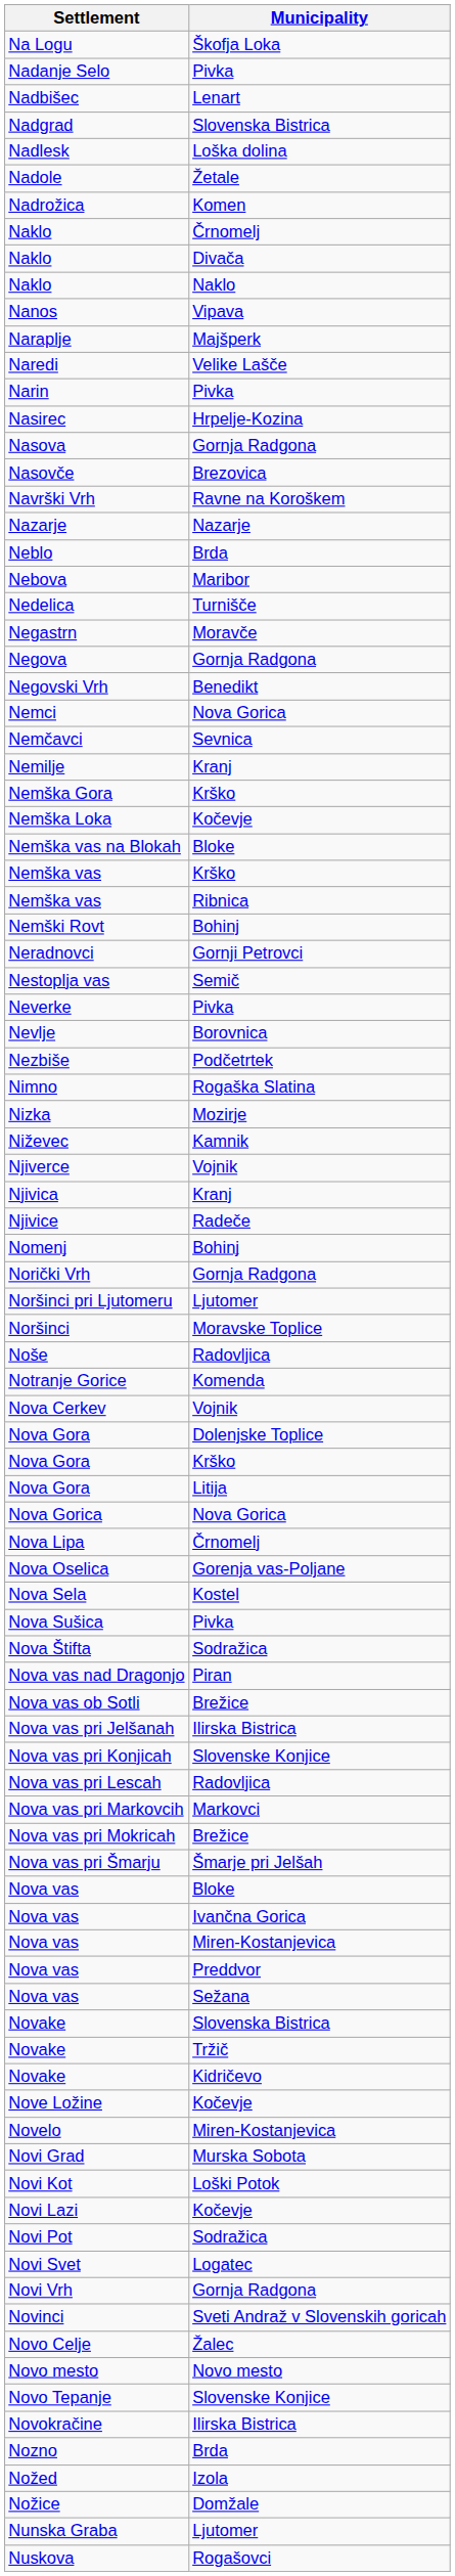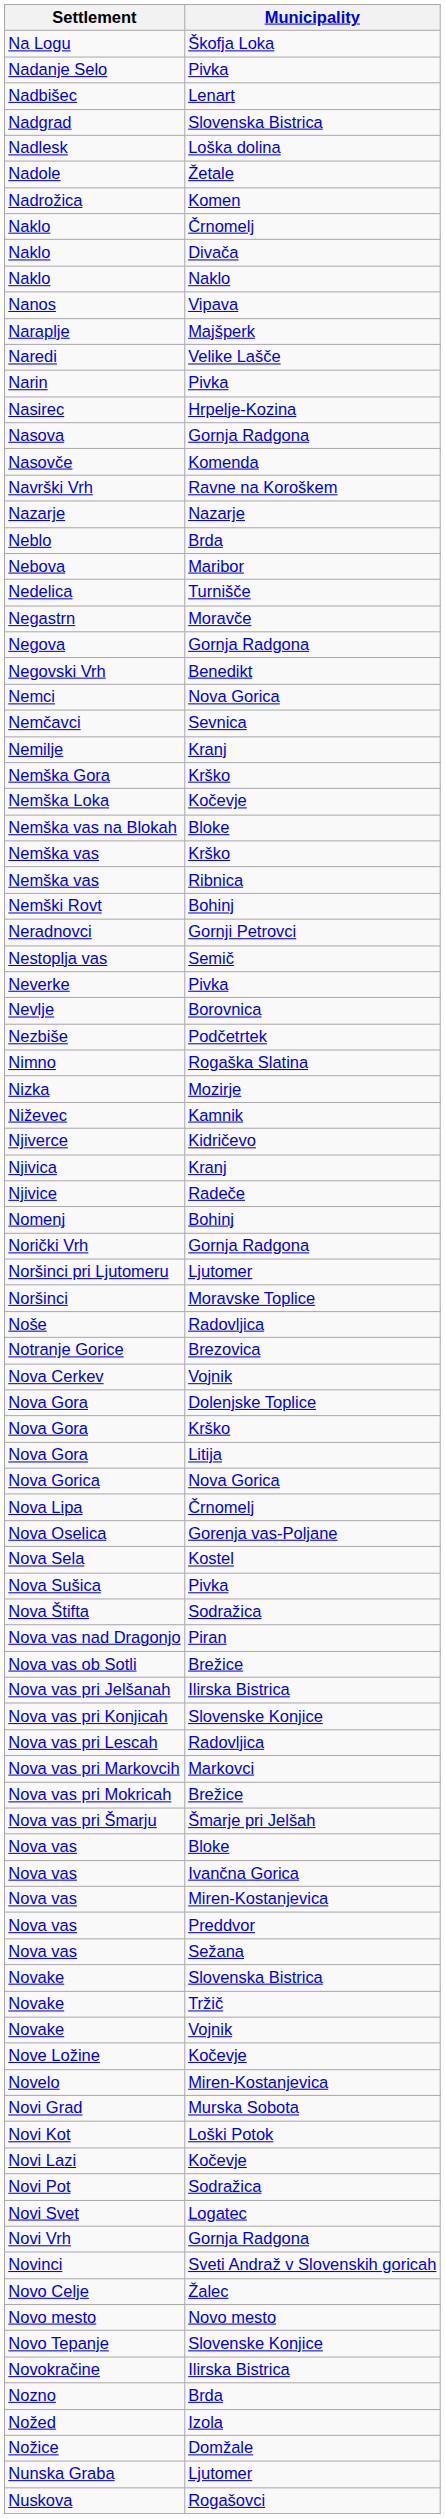 <table class="wikitable sortable">
 <tr>
 <th>Settlement</th>
 <th><a href='#'>Municipality</a></th>
 </tr>
 <tr>
 <td><a href='#'>Na Logu</a></td>
 <td><a href='#'>Škofja Loka</a></td>
 </tr>
 <tr>
 <td><a href='#'>Nadanje Selo</a></td>
 <td><a href='#'>Pivka</a></td>
 </tr>
 <tr>
 <td><a href='#'>Nadbišec</a></td>
 <td><a href='#'>Lenart</a></td>
 </tr>
 <tr>
 <td><a href='#'>Nadgrad</a></td>
 <td><a href='#'>Slovenska Bistrica</a></td>
 </tr>
 <tr>
 <td><a href='#'>Nadlesk</a></td>
 <td><a href='#'>Loška dolina</a></td>
 </tr>
 <tr>
 <td><a href='#'>Nadole</a></td>
 <td><a href='#'>Žetale</a></td>
 </tr>
 <tr>
 <td><a href='#'>Nadrožica</a></td>
 <td><a href='#'>Komen</a></td>
 </tr>
 <tr>
 <td><a href='#'>Naklo</a></td>
 <td><a href='#'>Črnomelj</a></td>
 </tr>
 <tr>
 <td><a href='#'>Naklo</a></td>
 <td><a href='#'>Divača</a></td>
 </tr>
 <tr>
 <td><a href='#'>Naklo</a></td>
 <td><a href='#'>Naklo</a></td>
 </tr>
 <tr>
 <td><a href='#'>Nanos</a></td>
 <td><a href='#'>Vipava</a></td>
 </tr>
 <tr>
 <td><a href='#'>Naraplje</a></td>
 <td><a href='#'>Majšperk</a></td>
 </tr>
 <tr>
 <td><a href='#'>Naredi</a></td>
 <td><a href='#'>Velike Lašče</a></td>
 </tr>
 <tr>
 <td><a href='#'>Narin</a></td>
 <td><a href='#'>Pivka</a></td>
 </tr>
 <tr>
 <td><a href='#'>Nasirec</a></td>
 <td><a href='#'>Hrpelje-Kozina</a></td>
 </tr>
 <tr>
 <td><a href='#'>Nasova</a></td>
 <td><a href='#'>Gornja Radgona</a></td>
 </tr>
 <tr>
 <td><a href='#'>Nasovče</a></td>
-<td><a href='#'>Brezovica</a></td>
+<td><a href='#'>Komenda</a></td>
 </tr>
 <tr>
 <td><a href='#'>Navrški Vrh</a></td>
 <td><a href='#'>Ravne na Koroškem</a></td>
 </tr>
 <tr>
 <td><a href='#'>Nazarje</a></td>
 <td><a href='#'>Nazarje</a></td>
 </tr>
 <tr>
 <td><a href='#'>Neblo</a></td>
 <td><a href='#'>Brda</a></td>
 </tr>
 <tr>
 <td><a href='#'>Nebova</a></td>
 <td><a href='#'>Maribor</a></td>
 </tr>
 <tr>
 <td><a href='#'>Nedelica</a></td>
 <td><a href='#'>Turnišče</a></td>
 </tr>
 <tr>
 <td><a href='#'>Negastrn</a></td>
 <td><a href='#'>Moravče</a></td>
 </tr>
 <tr>
 <td><a href='#'>Negova</a></td>
 <td><a href='#'>Gornja Radgona</a></td>
 </tr>
 <tr>
 <td><a href='#'>Negovski Vrh</a></td>
 <td><a href='#'>Benedikt</a></td>
 </tr>
 <tr>
 <td><a href='#'>Nemci</a></td>
 <td><a href='#'>Nova Gorica</a></td>
 </tr>
 <tr>
 <td><a href='#'>Nemčavci</a></td>
 <td><a href='#'>Sevnica</a></td>
 </tr>
 <tr>
 <td><a href='#'>Nemilje</a></td>
 <td><a href='#'>Kranj</a></td>
 </tr>
 <tr>
 <td><a href='#'>Nemška Gora</a></td>
 <td><a href='#'>Krško</a></td>
 </tr>
 <tr>
 <td><a href='#'>Nemška Loka</a></td>
 <td><a href='#'>Kočevje</a></td>
 </tr>
 <tr>
 <td><a href='#'>Nemška vas na Blokah</a></td>
 <td><a href='#'>Bloke</a></td>
 </tr>
 <tr>
 <td><a href='#'>Nemška vas</a></td>
 <td><a href='#'>Krško</a></td>
 </tr>
 <tr>
 <td><a href='#'>Nemška vas</a></td>
 <td><a href='#'>Ribnica</a></td>
 </tr>
 <tr>
 <td><a href='#'>Nemški Rovt</a></td>
 <td><a href='#'>Bohinj</a></td>
 </tr>
 <tr>
 <td><a href='#'>Neradnovci</a></td>
 <td><a href='#'>Gornji Petrovci</a></td>
 </tr>
 <tr>
 <td><a href='#'>Nestoplja vas</a></td>
 <td><a href='#'>Semič</a></td>
 </tr>
 <tr>
 <td><a href='#'>Neverke</a></td>
 <td><a href='#'>Pivka</a></td>
 </tr>
 <tr>
 <td><a href='#'>Nevlje</a></td>
 <td><a href='#'>Borovnica</a></td>
 </tr>
 <tr>
 <td><a href='#'>Nezbiše</a></td>
 <td><a href='#'>Podčetrtek</a></td>
 </tr>
 <tr>
 <td><a href='#'>Nimno</a></td>
 <td><a href='#'>Rogaška Slatina</a></td>
 </tr>
 <tr>
 <td><a href='#'>Nizka</a></td>
 <td><a href='#'>Mozirje</a></td>
 </tr>
 <tr>
 <td><a href='#'>Niževec</a></td>
 <td><a href='#'>Kamnik</a></td>
 </tr>
 <tr>
 <td><a href='#'>Njiverce</a></td>
-<td><a href='#'>Vojnik</a></td>
+<td><a href='#'>Kidričevo</a></td>
 </tr>
 <tr>
 <td><a href='#'>Njivica</a></td>
 <td><a href='#'>Kranj</a></td>
 </tr>
 <tr>
 <td><a href='#'>Njivice</a></td>
 <td><a href='#'>Radeče</a></td>
 </tr>
 <tr>
 <td><a href='#'>Nomenj</a></td>
 <td><a href='#'>Bohinj</a></td>
 </tr>
 <tr>
 <td><a href='#'>Norički Vrh</a></td>
 <td><a href='#'>Gornja Radgona</a></td>
 </tr>
 <tr>
 <td><a href='#'>Noršinci pri Ljutomeru</a></td>
 <td><a href='#'>Ljutomer</a></td>
 </tr>
 <tr>
 <td><a href='#'>Noršinci</a></td>
 <td><a href='#'>Moravske Toplice</a></td>
 </tr>
 <tr>
 <td><a href='#'>Noše</a></td>
 <td><a href='#'>Radovljica</a></td>
 </tr>
 <tr>
 <td><a href='#'>Notranje Gorice</a></td>
-<td><a href='#'>Komenda</a></td>
+<td><a href='#'>Brezovica</a></td>
 </tr>
 <tr>
 <td><a href='#'>Nova Cerkev</a></td>
 <td><a href='#'>Vojnik</a></td>
 </tr>
 <tr>
 <td><a href='#'>Nova Gora</a></td>
 <td><a href='#'>Dolenjske Toplice</a></td>
 </tr>
 <tr>
 <td><a href='#'>Nova Gora</a></td>
 <td><a href='#'>Krško</a></td>
 </tr>
 <tr>
 <td><a href='#'>Nova Gora</a></td>
 <td><a href='#'>Litija</a></td>
 </tr>
 <tr>
 <td><a href='#'>Nova Gorica</a></td>
 <td><a href='#'>Nova Gorica</a></td>
 </tr>
 <tr>
 <td><a href='#'>Nova Lipa</a></td>
 <td><a href='#'>Črnomelj</a></td>
 </tr>
 <tr>
 <td><a href='#'>Nova Oselica</a></td>
 <td><a href='#'>Gorenja vas-Poljane</a></td>
 </tr>
 <tr>
 <td><a href='#'>Nova Sela</a></td>
 <td><a href='#'>Kostel</a></td>
 </tr>
 <tr>
 <td><a href='#'>Nova Sušica</a></td>
 <td><a href='#'>Pivka</a></td>
 </tr>
 <tr>
 <td><a href='#'>Nova Štifta</a></td>
 <td><a href='#'>Sodražica</a></td>
 </tr>
 <tr>
 <td><a href='#'>Nova vas nad Dragonjo</a></td>
 <td><a href='#'>Piran</a></td>
 </tr>
 <tr>
 <td><a href='#'>Nova vas ob Sotli</a></td>
 <td><a href='#'>Brežice</a></td>
 </tr>
 <tr>
 <td><a href='#'>Nova vas pri Jelšanah</a></td>
 <td><a href='#'>Ilirska Bistrica</a></td>
 </tr>
 <tr>
 <td><a href='#'>Nova vas pri Konjicah</a></td>
 <td><a href='#'>Slovenske Konjice</a></td>
 </tr>
 <tr>
 <td><a href='#'>Nova vas pri Lescah</a></td>
 <td><a href='#'>Radovljica</a></td>
 </tr>
 <tr>
 <td><a href='#'>Nova vas pri Markovcih</a></td>
 <td><a href='#'>Markovci</a></td>
 </tr>
 <tr>
 <td><a href='#'>Nova vas pri Mokricah</a></td>
 <td><a href='#'>Brežice</a></td>
 </tr>
 <tr>
 <td><a href='#'>Nova vas pri Šmarju</a></td>
 <td><a href='#'>Šmarje pri Jelšah</a></td>
 </tr>
 <tr>
 <td><a href='#'>Nova vas</a></td>
 <td><a href='#'>Bloke</a></td>
 </tr>
 <tr>
 <td><a href='#'>Nova vas</a></td>
 <td><a href='#'>Ivančna Gorica</a></td>
 </tr>
 <tr>
 <td><a href='#'>Nova vas</a></td>
 <td><a href='#'>Miren-Kostanjevica</a></td>
 </tr>
 <tr>
 <td><a href='#'>Nova vas</a></td>
 <td><a href='#'>Preddvor</a></td>
 </tr>
 <tr>
 <td><a href='#'>Nova vas</a></td>
 <td><a href='#'>Sežana</a></td>
 </tr>
 <tr>
 <td><a href='#'>Novake</a></td>
 <td><a href='#'>Slovenska Bistrica</a></td>
 </tr>
 <tr>
 <td><a href='#'>Novake</a></td>
 <td><a href='#'>Tržič</a></td>
 </tr>
 <tr>
 <td><a href='#'>Novake</a></td>
-<td><a href='#'>Kidričevo</a></td>
+<td><a href='#'>Vojnik</a></td>
 </tr>
 <tr>
 <td><a href='#'>Nove Ložine</a></td>
 <td><a href='#'>Kočevje</a></td>
 </tr>
 <tr>
 <td><a href='#'>Novelo</a></td>
 <td><a href='#'>Miren-Kostanjevica</a></td>
 </tr>
 <tr>
 <td><a href='#'>Novi Grad</a></td>
 <td><a href='#'>Murska Sobota</a></td>
 </tr>
 <tr>
 <td><a href='#'>Novi Kot</a></td>
 <td><a href='#'>Loški Potok</a></td>
 </tr>
 <tr>
 <td><a href='#'>Novi Lazi</a></td>
 <td><a href='#'>Kočevje</a></td>
 </tr>
 <tr>
 <td><a href='#'>Novi Pot</a></td>
 <td><a href='#'>Sodražica</a></td>
 </tr>
 <tr>
 <td><a href='#'>Novi Svet</a></td>
 <td><a href='#'>Logatec</a></td>
 </tr>
 <tr>
 <td><a href='#'>Novi Vrh</a></td>
 <td><a href='#'>Gornja Radgona</a></td>
 </tr>
 <tr>
 <td><a href='#'>Novinci</a></td>
 <td><a href='#'>Sveti Andraž v Slovenskih goricah</a></td>
 </tr>
 <tr>
 <td><a href='#'>Novo Celje</a></td>
 <td><a href='#'>Žalec</a></td>
 </tr>
 <tr>
 <td><a href='#'>Novo mesto</a></td>
 <td><a href='#'>Novo mesto</a></td>
 </tr>
 <tr>
 <td><a href='#'>Novo Tepanje</a></td>
 <td><a href='#'>Slovenske Konjice</a></td>
 </tr>
 <tr>
 <td><a href='#'>Novokračine</a></td>
 <td><a href='#'>Ilirska Bistrica</a></td>
 </tr>
 <tr>
 <td><a href='#'>Nozno</a></td>
 <td><a href='#'>Brda</a></td>
 </tr>
 <tr>
 <td><a href='#'>Nožed</a></td>
 <td><a href='#'>Izola</a></td>
 </tr>
 <tr>
 <td><a href='#'>Nožice</a></td>
 <td><a href='#'>Domžale</a></td>
 </tr>
 <tr>
 <td><a href='#'>Nunska Graba</a></td>
 <td><a href='#'>Ljutomer</a></td>
 </tr>
 <tr>
 <td><a href='#'>Nuskova</a></td>
 <td><a href='#'>Rogašovci</a></td>
 </tr>
 </table>
